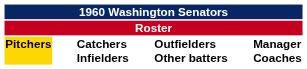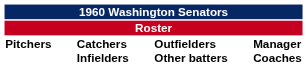 <table class="toccolours" style="font-size: 95%;">
 <tr>
 <th colspan="10" style="background-color: #072764; color: white; text-align: center;">1960 Washington Senators</th>
 </tr>
 <tr>
 <td colspan="10" style="background-color: #c6011f; color: white; text-align: center;"><strong>Roster</strong></td>
 </tr>
 <tr>
-<td valign="top" style="background: gold;"><strong>Pitchers</strong><br>                </td>
+<td valign="top"><strong>Pitchers</strong><br>                </td>
 <td width="25px"></td>
 <td valign="top"><strong>Catchers</strong><br>  <strong>Infielders</strong>         </td>
 <td width="25px"></td>
 <td valign="top"><strong>Outfielders</strong><br>       <strong>Other batters</strong>  </td>
 <td width="25px"></td>
 <td valign="top"><strong>Manager</strong><br> <strong>Coaches</strong>    </td>
 </tr>
 <tr>
 </tr>
 </table>
